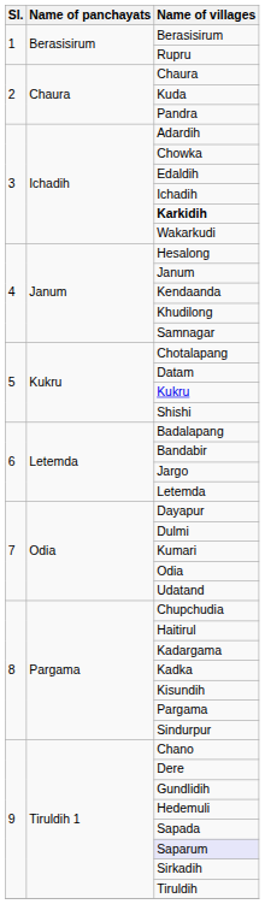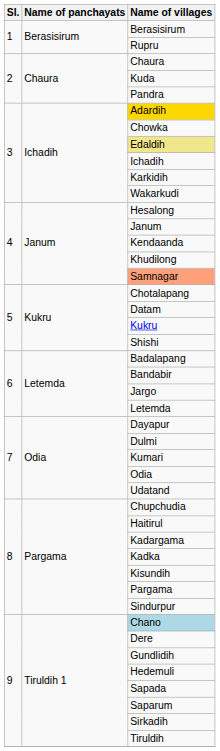 <table class="wikitable plainrowheaders sortable">
 <tr>
 <th scope="col">Sl.</th>
 <th scope="col">Name of panchayats</th>
 <th scope="col">Name of villages</th>
 </tr>
 <tr>
 <td rowspan="2">1</td>
 <td rowspan="2">Berasisirum</td>
 <td>Berasisirum</td>
 </tr>
 <tr>
 <td>Rupru</td>
 </tr>
 <tr>
 <td rowspan="3">2</td>
 <td rowspan="3">Chaura</td>
 <td>Chaura</td>
 </tr>
 <tr>
 <td>Kuda</td>
 </tr>
 <tr>
 <td>Pandra</td>
 </tr>
 <tr>
 <td rowspan="6">3</td>
 <td rowspan="6">Ichadih</td>
-<td>Adardih</td>
+<td style="background: gold;">Adardih</td>
 </tr>
 <tr>
 <td>Chowka</td>
 </tr>
 <tr>
-<td>Edaldih</td>
+<td style="background: khaki;">Edaldih</td>
 </tr>
 <tr>
 <td>Ichadih</td>
 </tr>
 <tr>
-<td><strong>Karkidih</strong></td>
+<td>Karkidih</td>
 </tr>
 <tr>
 <td>Wakarkudi</td>
 </tr>
 <tr>
 <td rowspan="5">4</td>
 <td rowspan="5">Janum</td>
 <td>Hesalong</td>
 </tr>
 <tr>
 <td>Janum</td>
 </tr>
 <tr>
 <td>Kendaanda</td>
 </tr>
 <tr>
 <td>Khudilong</td>
 </tr>
 <tr>
-<td>Samnagar</td>
+<td style="background: lightsalmon;">Samnagar</td>
 </tr>
 <tr>
 <td rowspan="4">5</td>
 <td rowspan="4">Kukru</td>
 <td>Chotalapang</td>
 </tr>
 <tr>
 <td>Datam</td>
 </tr>
 <tr>
 <td><a href='#'>Kukru</a></td>
 </tr>
 <tr>
 <td>Shishi</td>
 </tr>
 <tr>
 <td rowspan="4">6</td>
 <td rowspan="4">Letemda</td>
 <td>Badalapang</td>
 </tr>
 <tr>
 <td>Bandabir</td>
 </tr>
 <tr>
 <td>Jargo</td>
 </tr>
 <tr>
 <td>Letemda</td>
 </tr>
 <tr>
 <td rowspan="5">7</td>
 <td rowspan="5">Odia</td>
 <td>Dayapur</td>
 </tr>
 <tr>
 <td>Dulmi</td>
 </tr>
 <tr>
 <td>Kumari</td>
 </tr>
 <tr>
 <td>Odia</td>
 </tr>
 <tr>
 <td>Udatand</td>
 </tr>
 <tr>
 <td rowspan="7">8</td>
 <td rowspan="7">Pargama</td>
 <td>Chupchudia</td>
 </tr>
 <tr>
 <td>Haitirul</td>
 </tr>
 <tr>
 <td>Kadargama</td>
 </tr>
 <tr>
 <td>Kadka</td>
 </tr>
 <tr>
 <td>Kisundih</td>
 </tr>
 <tr>
 <td>Pargama</td>
 </tr>
 <tr>
 <td>Sindurpur</td>
 </tr>
 <tr>
 <td rowspan="8">9</td>
 <td rowspan="8">Tiruldih 1</td>
-<td>Chano</td>
+<td style="background: lightblue;">Chano</td>
 </tr>
 <tr>
 <td>Dere</td>
 </tr>
 <tr>
 <td>Gundlidih</td>
 </tr>
 <tr>
 <td>Hedemuli</td>
 </tr>
 <tr>
 <td>Sapada</td>
 </tr>
 <tr>
-<td style="background: lavender;">Saparum</td>
+<td>Saparum</td>
 </tr>
 <tr>
 <td>Sirkadih</td>
 </tr>
 <tr>
 <td>Tiruldih</td>
 </tr>
 <tr>
 </tr>
 </table>
